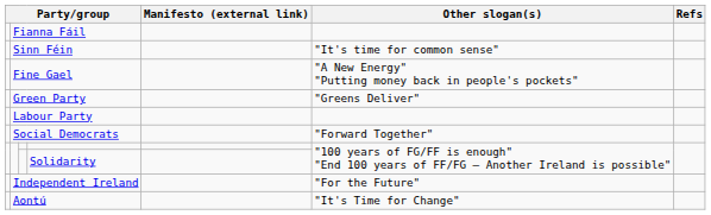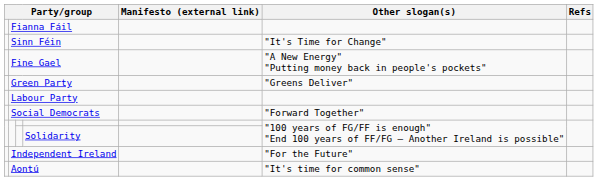 <table class="wikitable sortable">
 <tr>
 <th colspan=4 class="unsortable">Party/group</th>
 <th class="unsortable">Manifesto (external link)</th>
 <th class="unsortable">Other slogan(s)</th>
 <th class="unsortable">Refs</th>
 </tr>
 <tr>
 <td style="background:"></td>
 <td colspan="3"><a href='#'>Fianna Fáil</a></td>
 <td><em></em></td>
 <td></td>
 <td></td>
 </tr>
 <tr>
 <td style="background:"></td>
 <td colspan="3"><a href='#'>Sinn Féin</a></td>
 <td><em></em></td>
-<td>"It's time for common sense"</td>
+<td>"It's Time for Change"</td>
 <td></td>
 </tr>
 <tr>
 <td style="background:"></td>
 <td colspan=3><a href='#'>Fine Gael</a></td>
 <td><em></em></td>
 <td>"A New Energy"<br>"Putting money back in people's pockets"</td>
 <td></td>
 </tr>
 <tr>
 <td style="background:"></td>
 <td colspan=3><a href='#'>Green Party</a></td>
 <td><em> </em></td>
 <td>"Greens Deliver"</td>
 <td></td>
 </tr>
 <tr>
 <td style="background:"></td>
 <td colspan="3"><a href='#'>Labour Party</a></td>
 <td><em></em></td>
 <td></td>
 <td></td>
 </tr>
 <tr>
 <td style="background:"></td>
 <td colspan="3"><a href='#'>Social Democrats</a></td>
 <td><em></em></td>
 <td>"Forward Together"</td>
 <td></td>
 </tr>
 <tr>
 <td rowspan="2" style="background:"></td>
 <td rowspan="2"></td>
 <td style="background:"></td>
 <td></td>
 <td><em></em></td>
 <td rowspan=2>"100 years of FG/FF is enough"<br>"End 100 years of FF/FG – Another Ireland is possible"</td>
 <td rowspan=2></td>
 </tr>
 <tr>
 <td style="background:"></td>
 <td><a href='#'>Solidarity</a></td>
 <td><em></em></td>
 </tr>
 <tr>
 <td style="background:"></td>
 <td colspan=3><a href='#'>Independent Ireland</a></td>
 <td><em></em></td>
 <td>"For the Future"</td>
 <td></td>
 </tr>
 <tr>
 <td style="background:"></td>
 <td colspan=3><a href='#'>Aontú</a></td>
 <td></td>
-<td>"It's Time for Change"</td>
+<td>"It's time for common sense"</td>
 <td></td>
 </tr>
 </table>
